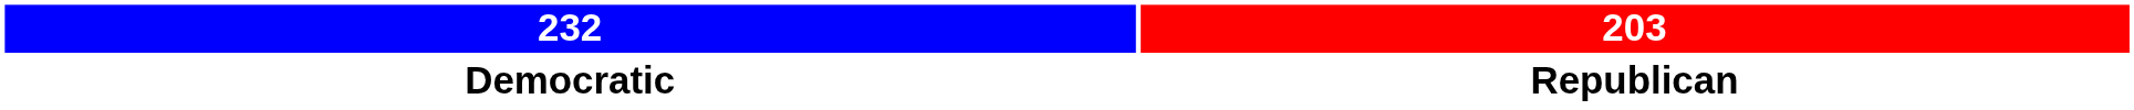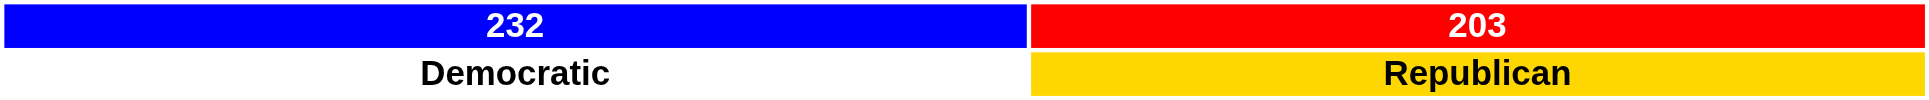 <table style="width:70%; text-align:center;">
 <tr style="color:white;">
 <td style="background:blue; width:53.33%;"><strong>232</strong></td>
 <td style="background:red; width:46.67%;"><strong>203</strong></td>
 </tr>
 <tr>
 <td><span><strong>Democratic</strong></span></td>
-<td><span><strong>Republican</strong></span></td>
+<td style="background: gold;"><span><strong>Republican</strong></span></td>
 </tr>
 </table>
